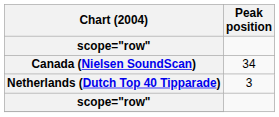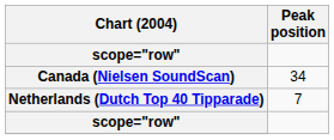 <table class="wikitable sortable plainrowheaders" style="text-align:center;">
 <tr>
 <th scope="col">Chart (2004)</th>
 <th scope="col">Peak<br>position</th>
 </tr>
 <tr>
 <th>scope="row"</th>
 </tr>
 <tr>
 <th scope="row">Canada (<a href='#'>Nielsen SoundScan</a>)</th>
 <td align="center">34</td>
 </tr>
 <tr>
 <th scope="row">Netherlands (<a href='#'>Dutch Top 40 Tipparade</a>)</th>
-<td align="center">3</td>
+<td align="center">7</td>
 </tr>
 <tr>
 <th>scope="row"</th>
 </tr>
 <tr>
 </tr>
 </table>
